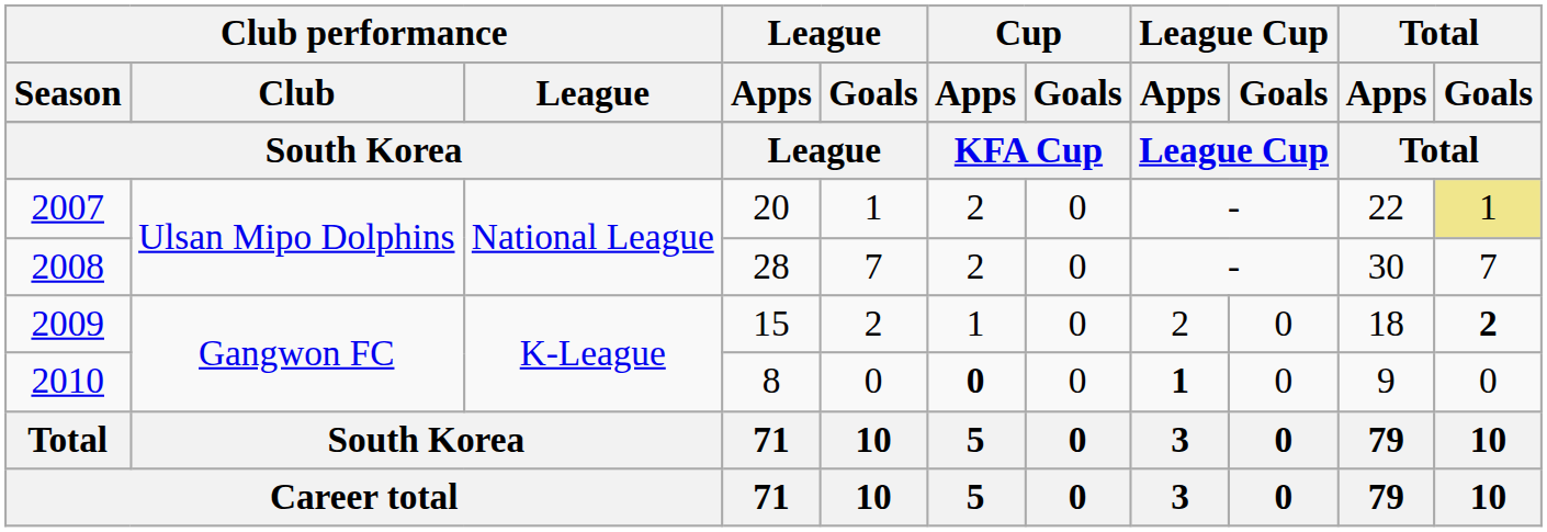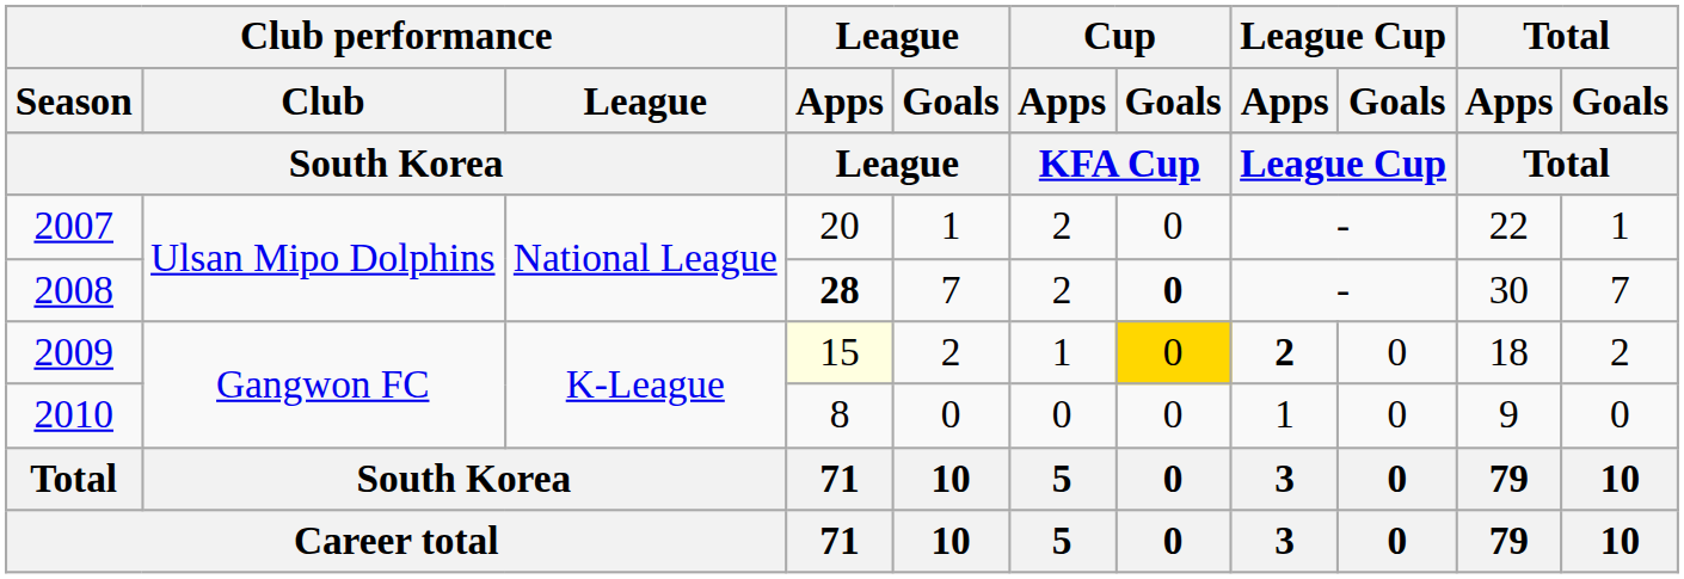 <table class="wikitable" style="text-align:center">
 <tr>
 <th colspan=3>Club performance</th>
 <th colspan=2>League</th>
 <th colspan=2>Cup</th>
 <th colspan=2>League Cup</th>
 <th colspan=2>Total</th>
 </tr>
 <tr>
 <th>Season</th>
 <th>Club</th>
 <th>League</th>
 <th>Apps</th>
 <th>Goals</th>
 <th>Apps</th>
 <th>Goals</th>
 <th>Apps</th>
 <th>Goals</th>
 <th>Apps</th>
 <th>Goals</th>
 </tr>
 <tr>
 </tr>
 <tr>
 <th colspan=3>South Korea</th>
 <th colspan=2>League</th>
 <th colspan=2><a href='#'>KFA Cup</a></th>
 <th colspan=2><a href='#'>League Cup</a></th>
 <th colspan=2>Total</th>
 </tr>
 <tr>
 <td><a href='#'>2007</a></td>
 <td rowspan=2><a href='#'>Ulsan Mipo Dolphins</a></td>
 <td rowspan=2><a href='#'>National League</a></td>
 <td>20</td>
 <td>1</td>
 <td>2</td>
 <td>0</td>
 <td colspan=2>-</td>
 <td>22</td>
-<td style="background: khaki;">1</td>
+<td>1</td>
 </tr>
 <tr>
 <td><a href='#'>2008</a></td>
-<td>28</td>
+<td><strong>28</strong></td>
 <td>7</td>
 <td>2</td>
-<td>0</td>
+<td><strong>0</strong></td>
 <td colspan=2>-</td>
 <td>30</td>
 <td>7</td>
 </tr>
 <tr>
 <td><a href='#'>2009</a></td>
 <td rowspan=2><a href='#'>Gangwon FC</a></td>
 <td rowspan=2><a href='#'>K-League</a></td>
-<td>15</td>
+<td style="background: lightyellow;">15</td>
 <td>2</td>
 <td>1</td>
-<td>0</td>
-<td>2</td>
+<td style="background: gold;">0</td>
+<td><strong>2</strong></td>
 <td>0</td>
 <td>18</td>
-<td><strong>2</strong></td>
+<td>2</td>
 </tr>
 <tr>
 <td><a href='#'>2010</a></td>
 <td>8</td>
 <td>0</td>
-<td><strong>0</strong></td>
 <td>0</td>
-<td><strong>1</strong></td>
+<td>0</td>
+<td>1</td>
 <td>0</td>
 <td>9</td>
 <td>0</td>
 </tr>
 <tr>
 <th rowspan=1>Total</th>
 <th colspan=2>South Korea</th>
 <th>71</th>
 <th>10</th>
 <th>5</th>
 <th>0</th>
 <th>3</th>
 <th>0</th>
 <th>79</th>
 <th>10</th>
 </tr>
 <tr>
 <th colspan=3>Career total</th>
 <th>71</th>
 <th>10</th>
 <th>5</th>
 <th>0</th>
 <th>3</th>
 <th>0</th>
 <th>79</th>
 <th>10</th>
 </tr>
 </table>
